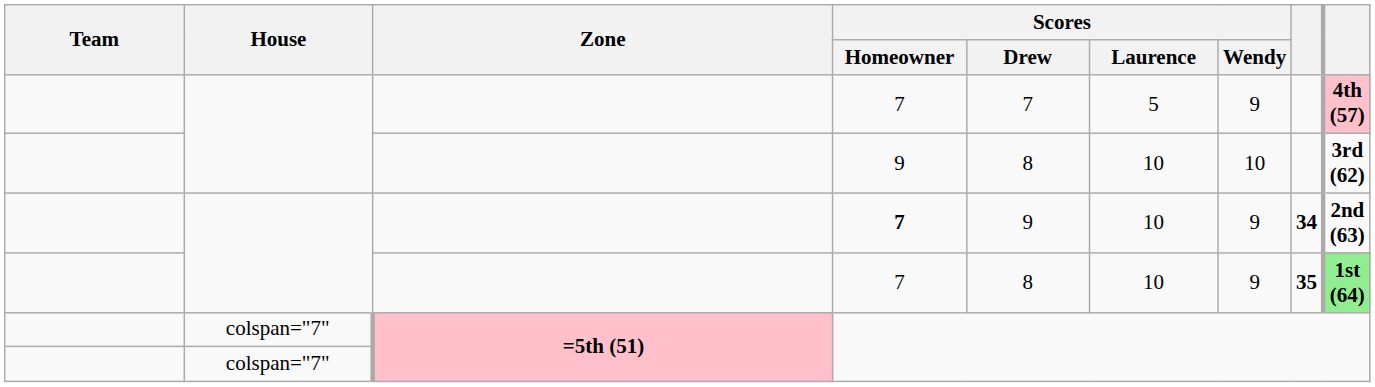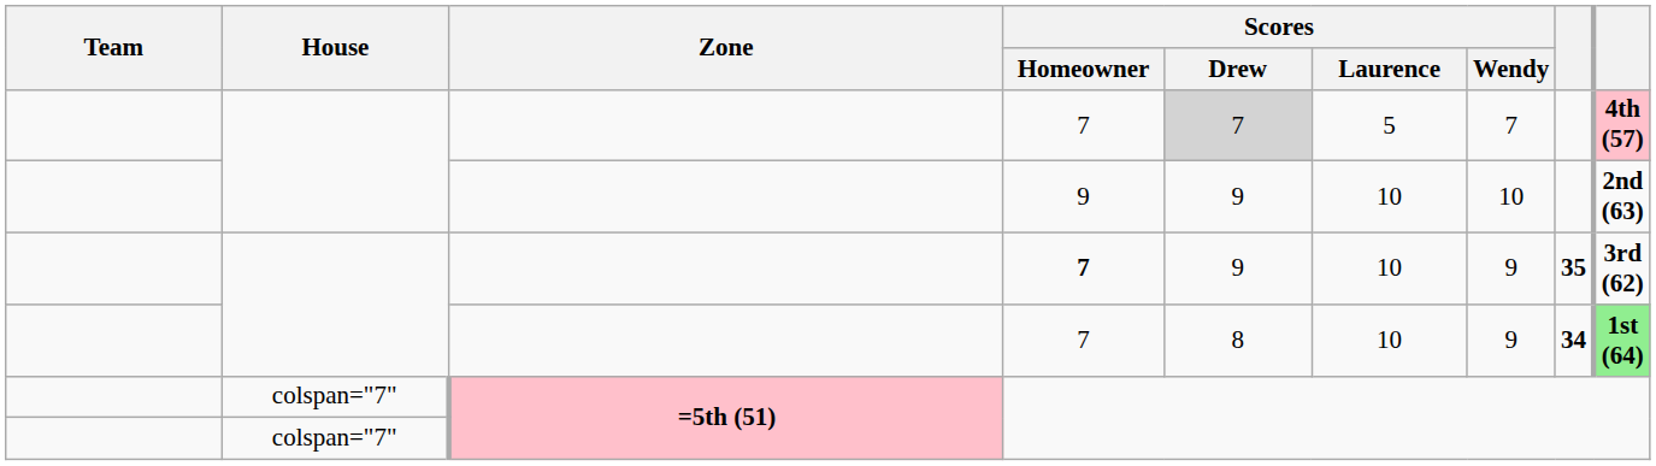 <table class="wikitable plainrowheaders" style="text-align:center; font-size:90%; width:65em;">
 <tr>
 <th rowspan="2">Team</th>
 <th rowspan="2">House</th>
 <th rowspan="2" style="width:40%;">Zone</th>
 <th colspan="4" style="width:30%;">Scores</th>
 <th rowspan="2" style="width:15%;"></th>
 <th rowspan="2" style="width:15%; border-left:3px solid #aaa;"></th>
 </tr>
 <tr>
 <th style="width:10%;">Homeowner</th>
 <th style="width:10%;">Drew</th>
 <th style="width:10%;">Laurence</th>
 <th style="width:10%;">Wendy</th>
 </tr>
 <tr>
 <td style="width:15%;"></td>
 <td rowspan=2 style="width:15%;"><br></td>
 <td></td>
 <td>7</td>
+<td style="background: lightgrey;">7</td>
+<td>5</td>
 <td>7</td>
-<td>5</td>
-<td>9</td>
 <td></td>
 <td style="border-left:3px solid #aaa;" bgcolor="pink"><strong>4th (57)</strong></td>
 </tr>
 <tr>
 <td style="width:15%;"></td>
 <td></td>
 <td>9</td>
-<td>8</td>
+<td>9</td>
 <td>10</td>
 <td>10</td>
 <td></td>
-<td style="border-left:3px solid #aaa;"><strong>3rd (62)</strong></td>
+<td style="border-left:3px solid #aaa;"><strong>2nd (63)</strong></td>
 </tr>
 <tr>
 <td style="width:15%;"></td>
 <td rowspan=2 style="width:15%;"><br></td>
 <td></td>
 <td><strong>7</strong></td>
 <td>9</td>
 <td>10</td>
 <td>9</td>
-<td><strong>34</strong></td>
-<td style="border-left:3px solid #aaa;"><strong>2nd (63)</strong></td>
+<td><strong>35</strong></td>
+<td style="border-left:3px solid #aaa;"><strong>3rd (62)</strong></td>
 </tr>
 <tr>
 <td style="width:15%;"></td>
 <td></td>
 <td>7</td>
 <td>8</td>
 <td>10</td>
 <td>9</td>
-<td><strong>35</strong></td>
+<td><strong>34</strong></td>
 <td style="border-left:3px solid #aaa;" bgcolor="lightgreen"><strong>1st (64)</strong></td>
 </tr>
 <tr>
 <td style="width:15%;"></td>
 <td>colspan="7" </td>
 <td rowspan="2" style="border-left:3px solid #aaa;" bgcolor="pink"><strong>=5th (51)</strong></td>
 </tr>
 <tr>
 <td style="width:15%;"></td>
 <td>colspan="7" </td>
 </tr>
 </table>
